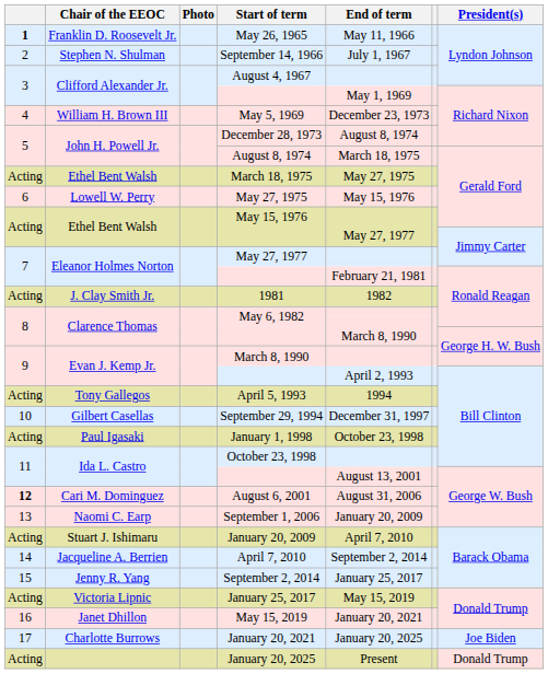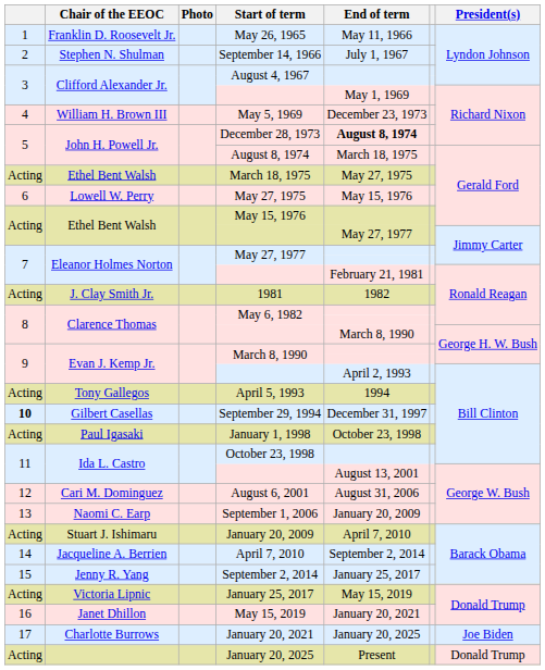 <table class="wikitable" style="text-align: center;">
 <tr>
 <th></th>
 <th>Chair of the EEOC</th>
 <th>Photo</th>
 <th>Start of term</th>
 <th>End of term</th>
 <th></th>
 <th><a href='#'>President(s)</a></th>
 </tr>
 <tr style="background:#def;">
-<td><strong>1</strong></td>
+<td>1</td>
 <td><a href='#'>Franklin D. Roosevelt Jr.</a></td>
 <td></td>
 <td>May 26, 1965</td>
 <td>May 11, 1966</td>
 <td></td>
 <td rowspan="4"><a href='#'>Lyndon Johnson</a></td>
 </tr>
 <tr style="background:#def;">
 <td>2</td>
 <td><a href='#'>Stephen N. Shulman</a></td>
 <td></td>
 <td>September 14, 1966</td>
 <td>July 1, 1967</td>
 <td></td>
 </tr>
 <tr style="background:#def;">
 <td rowspan="3">3</td>
 <td rowspan="3"><a href='#'>Clifford Alexander Jr.</a></td>
 <td rowspan="3"></td>
 <td style="border-bottom-style: none;" rowspan="2">August 4, 1967</td>
 <td style="border-bottom-style: none;" rowspan="2"></td>
 <td style="border-bottom-style: none;"></td>
 </tr>
 <tr style="background:#def;">
 <td style="border-style: none solid;"></td>
 </tr>
 <tr style="background:#ffe1e1">
 <td style="border-top-style: none;"></td>
 <td style="border-top-style: none;">May 1, 1969</td>
 <td style="border-top-style: none;"></td>
 <td rowspan="3"><a href='#'>Richard Nixon</a></td>
 </tr>
 <tr style="background:#ffe1e1">
 <td>4</td>
 <td><a href='#'>William H. Brown III</a></td>
 <td></td>
 <td>May 5, 1969</td>
 <td>December 23, 1973</td>
 <td></td>
 </tr>
 <tr style="background:#ffe1e1">
 <td rowspan="2">5</td>
 <td rowspan="2"><a href='#'>John H. Powell Jr.</a></td>
 <td rowspan="2"></td>
 <td>December 28, 1973</td>
-<td>August 8, 1974</td>
+<td><strong>August 8, 1974</strong></td>
 <td></td>
 </tr>
 <tr style="background:#ffe1e1">
 <td>August 8, 1974</td>
 <td>March 18, 1975</td>
 <td></td>
 <td rowspan="4"><a href='#'>Gerald Ford</a></td>
 </tr>
 <tr style="background:#E6E6AA">
 <td>Acting</td>
 <td><a href='#'>Ethel Bent Walsh</a></td>
 <td></td>
 <td>March 18, 1975</td>
 <td>May 27, 1975</td>
 <td></td>
 </tr>
 <tr style="background:#ffe1e1">
 <td>6</td>
 <td><a href='#'>Lowell W. Perry</a></td>
 <td></td>
 <td>May 27, 1975</td>
 <td>May 15, 1976</td>
 <td></td>
 </tr>
 <tr style="background:#E6E6AA">
 <td rowspan="2">Acting</td>
 <td rowspan="2">Ethel Bent Walsh</td>
 <td rowspan="2"></td>
 <td style="border-bottom-style: none;">May 15, 1976</td>
 <td style="border-bottom-style: none;"></td>
 <td style="border-bottom-style: none;"></td>
 </tr>
 <tr style="background:#E6E6AA">
 <td style="border-top-style: none;"></td>
 <td style="border-top-style: none;">May 27, 1977</td>
 <td style="border-top-style: none;"></td>
 <td rowspan="3" style="background:#def;"><a href='#'>Jimmy Carter</a></td>
 </tr>
 <tr style="background:#def;">
 <td rowspan="3">7</td>
 <td rowspan="3"><a href='#'>Eleanor Holmes Norton</a></td>
 <td rowspan="3"></td>
 <td style="border-bottom-style: none;" rowspan="2">May 27, 1977</td>
 <td style="border-bottom-style: none;"></td>
 <td style="border-bottom-style: none;"></td>
 </tr>
 <tr style="background:#def;">
 <td style="border-style: none solid;"></td>
 <td style="border-style: none solid;"></td>
 </tr>
 <tr style="background:#ffe1e1">
 <td style="border-top-style: none;"></td>
 <td style="border-top-style: none;">February 21, 1981</td>
 <td style="border-top-style: none;"></td>
 <td rowspan="4"><a href='#'>Ronald Reagan</a></td>
 </tr>
 <tr style="background:#E6E6AA">
 <td>Acting</td>
 <td><a href='#'>J. Clay Smith Jr.</a></td>
 <td></td>
 <td>1981</td>
 <td>1982</td>
 <td></td>
 </tr>
 <tr style="background:#ffe1e1">
 <td rowspan="3">8</td>
 <td rowspan="3"><a href='#'>Clarence Thomas</a></td>
 <td rowspan="3"></td>
 <td style="border-bottom-style: none;" rowspan="2">May 6, 1982</td>
 <td style="border-bottom-style: none;"></td>
 <td style="border-bottom-style: none;"></td>
 </tr>
 <tr style="background:#ffe1e1">
 <td style="border-style: none solid;"></td>
 <td style="border-style: none solid;"></td>
 </tr>
 <tr style="background:#ffe1e1">
 <td style="border-top-style: none;"></td>
 <td style="border-top-style: none;">March 8, 1990</td>
 <td style="border-top-style: none;"></td>
 <td rowspan="3"><a href='#'>George H. W. Bush</a></td>
 </tr>
 <tr style="background:#ffe1e1">
 <td rowspan="3">9</td>
 <td rowspan="3"><a href='#'>Evan J. Kemp Jr.</a></td>
 <td rowspan="3"></td>
 <td style="border-bottom-style: none;" rowspan="2">March 8, 1990</td>
 <td style="border-bottom-style: none;"></td>
 <td style="border-bottom-style: none;"></td>
 </tr>
 <tr style="background:#ffe1e1">
 <td style="border-style: none solid;"></td>
 <td style="border-style: none solid;"></td>
 </tr>
 <tr style="background:#def;">
 <td style="border-top-style: none;"></td>
 <td style="border-top-style: none;">April 2, 1993</td>
 <td style="border-top-style: none;"></td>
 <td rowspan="5"><a href='#'>Bill Clinton</a></td>
 </tr>
 <tr style="background:#E6E6AA">
 <td>Acting</td>
 <td><a href='#'>Tony Gallegos</a></td>
 <td></td>
 <td>April 5, 1993</td>
 <td>1994</td>
 <td></td>
 </tr>
 <tr style="background:#def;">
-<td>10</td>
+<td><strong>10</strong></td>
 <td><a href='#'>Gilbert Casellas</a></td>
 <td></td>
 <td>September 29, 1994</td>
 <td>December 31, 1997</td>
 <td></td>
 </tr>
 <tr style="background:#E6E6AA">
 <td>Acting</td>
 <td><a href='#'>Paul Igasaki</a></td>
 <td></td>
 <td>January 1, 1998</td>
 <td>October 23, 1998</td>
 <td></td>
 </tr>
 <tr style="background:#def;">
 <td rowspan="2">11</td>
 <td rowspan="2"><a href='#'>Ida L. Castro</a></td>
 <td rowspan="2"></td>
 <td style="border-bottom-style: none;">October 23, 1998</td>
 <td style="border-bottom-style: none;"></td>
 <td style="border-bottom-style: none;"></td>
 </tr>
 <tr style="background:#ffe1e1">
 <td style="border-top-style: none;"></td>
 <td style="border-top-style: none;">August 13, 2001</td>
 <td style="border-top-style: none;"></td>
 <td rowspan="3"><a href='#'>George W. Bush</a></td>
 </tr>
 <tr style="background:#ffe1e1">
-<td><strong>12</strong></td>
+<td>12</td>
 <td><a href='#'>Cari M. Dominguez</a></td>
 <td></td>
 <td>August 6, 2001</td>
 <td>August 31, 2006</td>
 <td></td>
 </tr>
 <tr style="background:#ffe1e1">
 <td>13</td>
 <td><a href='#'>Naomi C. Earp</a></td>
 <td></td>
 <td>September 1, 2006</td>
 <td>January 20, 2009</td>
 <td></td>
 </tr>
 <tr style="background:#E6E6AA">
 <td>Acting</td>
 <td>Stuart J. Ishimaru</td>
 <td></td>
 <td>January 20, 2009</td>
 <td>April 7, 2010</td>
 <td></td>
 <td rowspan="3" style="background:#def;"><a href='#'>Barack Obama</a></td>
 </tr>
 <tr style="background:#def;">
 <td>14</td>
 <td><a href='#'>Jacqueline A. Berrien</a></td>
 <td></td>
 <td>April 7, 2010</td>
 <td>September 2, 2014</td>
 <td></td>
 </tr>
 <tr style="background:#def;">
 <td>15</td>
 <td><a href='#'>Jenny R. Yang</a></td>
 <td></td>
 <td>September 2, 2014</td>
 <td>January 25, 2017</td>
 <td></td>
 </tr>
 <tr style="background:#E6E6AA">
 <td>Acting</td>
 <td><a href='#'>Victoria Lipnic</a></td>
 <td></td>
 <td>January 25, 2017</td>
 <td>May 15, 2019</td>
 <td></td>
 <td rowspan="2" style="background:#ffe1e1"><a href='#'>Donald Trump</a></td>
 </tr>
 <tr style="background:#ffe1e1">
 <td>16</td>
 <td><a href='#'>Janet Dhillon</a></td>
 <td></td>
 <td>May 15, 2019</td>
 <td>January 20, 2021</td>
 <td></td>
 </tr>
 <tr style="background:#def;">
 <td>17</td>
 <td><a href='#'>Charlotte Burrows</a></td>
 <td></td>
 <td>January 20, 2021</td>
 <td>January 20, 2025</td>
 <td></td>
 <td><a href='#'>Joe Biden</a></td>
 </tr>
 <tr style="background:#E6E6AA">
 <td>Acting</td>
 <td></td>
 <td></td>
 <td>January 20, 2025</td>
 <td>Present</td>
 <td></td>
 <td rowspan="1" style="background:#ffe1e1">Donald Trump</td>
 </tr>
 </table>
